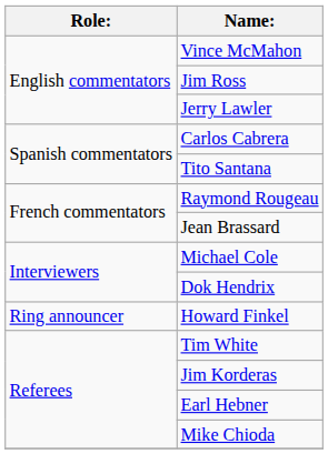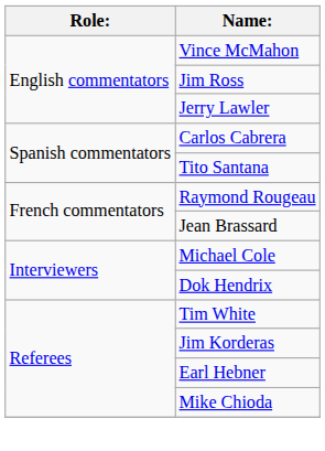 <table class=wikitable style="font-size:90%; margin: 0.5em 0 0.5em 1em; float: right; clear: right;">
 <tr>
 <th>Role:</th>
 <th>Name:</th>
 </tr>
 <tr>
 <td rowspan="3">English <a href='#'>commentators</a></td>
 <td><a href='#'>Vince McMahon</a></td>
 </tr>
 <tr>
 <td><a href='#'>Jim Ross</a></td>
 </tr>
 <tr>
 <td><a href='#'>Jerry Lawler</a></td>
 </tr>
 <tr>
 <td rowspan="2">Spanish commentators</td>
 <td><a href='#'>Carlos Cabrera</a></td>
 </tr>
 <tr>
 <td><a href='#'>Tito Santana</a></td>
 </tr>
 <tr>
 <td rowspan=2>French commentators</td>
 <td><a href='#'>Raymond Rougeau</a></td>
 </tr>
 <tr>
 <td>Jean Brassard</td>
 </tr>
 <tr>
 <td rowspan="2"><a href='#'>Interviewers</a></td>
 <td><a href='#'>Michael Cole</a></td>
 </tr>
 <tr>
 <td><a href='#'>Dok Hendrix</a></td>
 </tr>
 <tr>
-<td><a href='#'>Ring announcer</a></td>
-<td><a href='#'>Howard Finkel</a></td>
-</tr>
-<tr>
 <td rowspan="4"><a href='#'>Referees</a></td>
 <td><a href='#'>Tim White</a></td>
 </tr>
 <tr>
 <td><a href='#'>Jim Korderas</a></td>
 </tr>
 <tr>
 <td><a href='#'>Earl Hebner</a></td>
 </tr>
 <tr>
 <td><a href='#'>Mike Chioda</a></td>
 </tr>
 <tr>
 </tr>
 </table>
